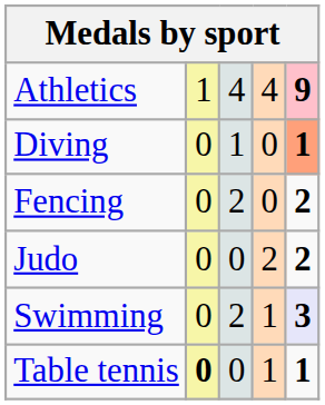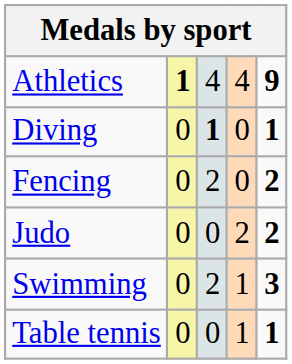 <table class="wikitable" style="font-size:90%; text-align:center;">
 <tr>
 <th colspan="5">Medals by sport</th>
 </tr>
 <tr>
 <td align="left"><a href='#'>Athletics</a></td>
-<td style="background:#F7F6A8;">1</td>
+<td style="background:#F7F6A8;"><strong>1</strong></td>
 <td style="background:#DCE5E5;">4</td>
 <td style="background:#FFDAB9;">4</td>
-<td style="background: pink;"><strong>9</strong></td>
+<td><strong>9</strong></td>
 </tr>
 <tr>
 <td align="left"><a href='#'>Diving</a></td>
 <td style="background:#F7F6A8;">0</td>
-<td style="background:#DCE5E5;">1</td>
+<td style="background:#DCE5E5;"><strong>1</strong></td>
 <td style="background:#FFDAB9;">0</td>
-<td style="background: lightsalmon;"><strong>1</strong></td>
+<td><strong>1</strong></td>
 </tr>
 <tr>
 <td align="left"><a href='#'>Fencing</a></td>
 <td style="background:#F7F6A8;">0</td>
 <td style="background:#DCE5E5;">2</td>
 <td style="background:#FFDAB9;">0</td>
 <td><strong>2</strong></td>
 </tr>
 <tr>
 <td align="left"><a href='#'>Judo</a></td>
 <td style="background:#F7F6A8;">0</td>
 <td style="background:#DCE5E5;">0</td>
 <td style="background:#FFDAB9;">2</td>
 <td><strong>2</strong></td>
 </tr>
 <tr>
 <td align="left"><a href='#'>Swimming</a></td>
 <td style="background:#F7F6A8;">0</td>
 <td style="background:#DCE5E5;">2</td>
 <td style="background:#FFDAB9;">1</td>
-<td style="background: lavender;"><strong>3</strong></td>
+<td><strong>3</strong></td>
 </tr>
 <tr>
 <td align="left"><a href='#'>Table tennis</a></td>
-<td style="background:#F7F6A8;"><strong>0</strong></td>
+<td style="background:#F7F6A8;">0</td>
 <td style="background:#DCE5E5;">0</td>
 <td style="background:#FFDAB9;">1</td>
 <td><strong>1</strong></td>
 </tr>
 </table>
